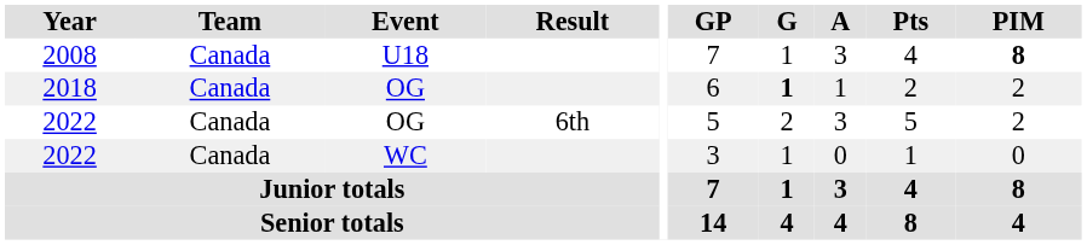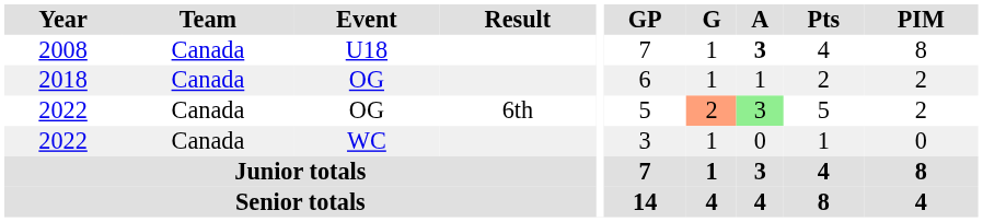 <table border="0" cellpadding="1" cellspacing="0" ID="Table3" style="text-align:center; width:40em">
 <tr ALIGN="center" bgcolor="#e0e0e0">
 <th>Year</th>
 <th>Team</th>
 <th>Event</th>
 <th>Result</th>
 <th rowspan="99" bgcolor="#ffffff"></th>
 <th>GP</th>
 <th>G</th>
 <th>A</th>
 <th>Pts</th>
 <th>PIM</th>
 </tr>
 <tr>
 <td><a href='#'>2008</a></td>
 <td><a href='#'>Canada</a></td>
 <td><a href='#'>U18</a></td>
 <td></td>
 <td>7</td>
 <td>1</td>
-<td>3</td>
+<td><strong>3</strong></td>
 <td>4</td>
-<td><strong>8</strong></td>
+<td>8</td>
 </tr>
 <tr bgcolor="#f0f0f0">
 <td><a href='#'>2018</a></td>
 <td><a href='#'>Canada</a></td>
 <td><a href='#'>OG</a></td>
 <td></td>
 <td>6</td>
-<td><strong>1</strong></td>
+<td>1</td>
 <td>1</td>
 <td>2</td>
 <td>2</td>
 </tr>
 <tr>
 <td><a href='#'>2022</a></td>
 <td>Canada</td>
 <td>OG</td>
 <td>6th</td>
 <td>5</td>
-<td>2</td>
-<td>3</td>
+<td style="background: lightsalmon;">2</td>
+<td style="background: lightgreen;">3</td>
 <td>5</td>
 <td>2</td>
 </tr>
 <tr bgcolor="#f0f0f0">
 <td><a href='#'>2022</a></td>
 <td>Canada</td>
 <td><a href='#'>WC</a></td>
 <td></td>
 <td>3</td>
 <td>1</td>
 <td>0</td>
 <td>1</td>
 <td>0</td>
 </tr>
 <tr bgcolor="#e0e0e0">
 <th colspan=4>Junior totals</th>
 <th>7</th>
 <th>1</th>
 <th>3</th>
 <th>4</th>
 <th>8</th>
 </tr>
 <tr bgcolor="#e0e0e0">
 <th colspan=4>Senior totals</th>
 <th>14</th>
 <th>4</th>
 <th>4</th>
 <th>8</th>
 <th>4</th>
 </tr>
 </table>
